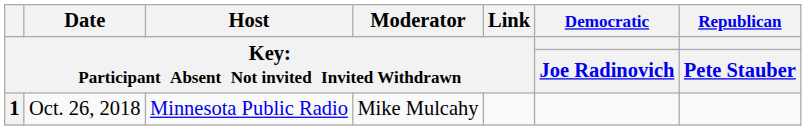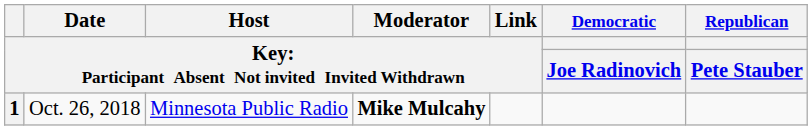 <table class="wikitable" style="text-align:center;">
 <tr>
 <th scope="col"></th>
 <th scope="col">Date</th>
 <th scope="col">Host</th>
 <th scope="col">Moderator</th>
 <th scope="col">Link</th>
 <th scope="col"><small><a href='#'>Democratic</a></small></th>
 <th scope="col"><small><a href='#'>Republican</a></small></th>
 </tr>
 <tr>
 <th colspan="5" rowspan="2">Key:<br> <small>Participant </small>  <small>Absent </small>  <small>Not invited </small>  <small>Invited  Withdrawn</small></th>
 <th scope="col" style="background:"></th>
 <th scope="col" style="background:"></th>
 </tr>
 <tr>
 <th scope="col"><a href='#'>Joe Radinovich</a></th>
 <th scope="col"><a href='#'>Pete Stauber</a></th>
 </tr>
 <tr>
 <th>1</th>
 <td style="white-space:nowrap;">Oct. 26, 2018</td>
 <td style="white-space:nowrap;"><a href='#'>Minnesota Public Radio</a></td>
-<td style="white-space:nowrap;">Mike Mulcahy</td>
+<td style="white-space:nowrap;"><strong>Mike Mulcahy</strong></td>
 <td style="white-space:nowrap;"></td>
 <td></td>
 <td></td>
 </tr>
 </table>
